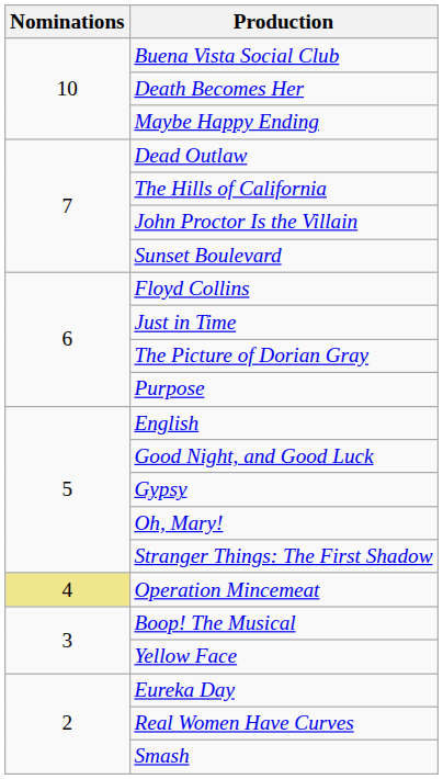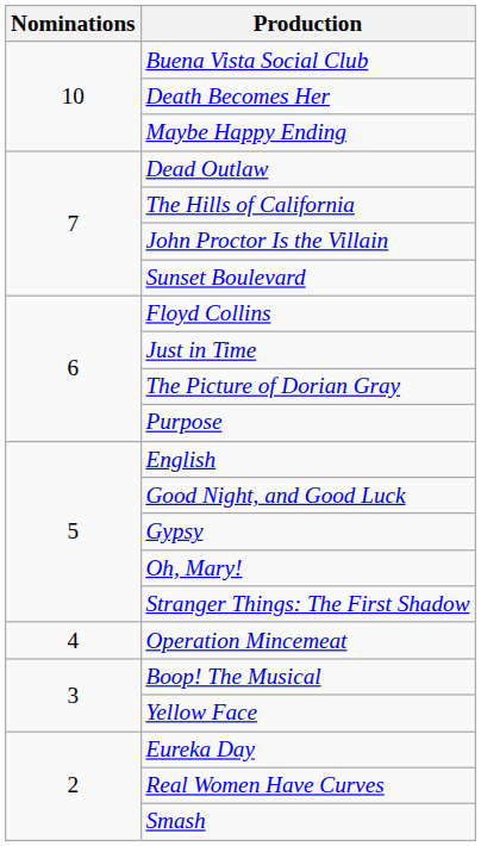 <table class="wikitable sortable">
 <tr>
 <th>Nominations<br></th>
 <th>Production</th>
 </tr>
 <tr>
 <td scope="row" rowspan=3 style="text-align:center">10<br></td>
 <td><em><a href='#'>Buena Vista Social Club</a></em></td>
 </tr>
 <tr>
 <td><em><a href='#'>Death Becomes Her</a></em></td>
 </tr>
 <tr>
 <td><em><a href='#'>Maybe Happy Ending</a></em></td>
 </tr>
 <tr>
 <td scope="row" rowspan=4 style="text-align:center">7</td>
 <td><em><a href='#'>Dead Outlaw</a></em></td>
 </tr>
 <tr>
 <td><em><a href='#'>The Hills of California</a></em></td>
 </tr>
 <tr>
 <td><em><a href='#'>John Proctor Is the Villain</a></em></td>
 </tr>
 <tr>
 <td><em><a href='#'>Sunset Boulevard</a></em></td>
 </tr>
 <tr>
 <td scope="row" rowspan=4 style="text-align:center">6</td>
 <td><em><a href='#'>Floyd Collins</a></em></td>
 </tr>
 <tr>
 <td><em><a href='#'>Just in Time</a></em></td>
 </tr>
 <tr>
 <td><em><a href='#'>The Picture of Dorian Gray</a></em></td>
 </tr>
 <tr>
 <td><em><a href='#'>Purpose</a></em></td>
 </tr>
 <tr>
 <td scope="row" rowspan=5 style="text-align:center">5</td>
 <td><em><a href='#'>English</a></em></td>
 </tr>
 <tr>
 <td><em><a href='#'>Good Night, and Good Luck</a></em></td>
 </tr>
 <tr>
 <td><em><a href='#'>Gypsy</a></em></td>
 </tr>
 <tr>
 <td><em><a href='#'>Oh, Mary!</a></em></td>
 </tr>
 <tr>
 <td><em><a href='#'>Stranger Things: The First Shadow</a></em></td>
 </tr>
 <tr>
-<td scope="row" style="background: khaki; text-align:center">4</td>
+<td scope="row" style="text-align:center">4</td>
 <td><em><a href='#'>Operation Mincemeat</a></em></td>
 </tr>
 <tr>
 <td scope="row" rowspan=2 style="text-align:center">3</td>
 <td><em><a href='#'>Boop! The Musical</a></em></td>
 </tr>
 <tr>
 <td><em><a href='#'>Yellow Face</a></em></td>
 </tr>
 <tr>
 <td scope="row" rowspan=3 style="text-align:center">2</td>
 <td><em><a href='#'>Eureka Day</a></em></td>
 </tr>
 <tr>
 <td><em><a href='#'>Real Women Have Curves</a></em></td>
 </tr>
 <tr>
 <td><em><a href='#'>Smash</a></em></td>
 </tr>
 </table>
